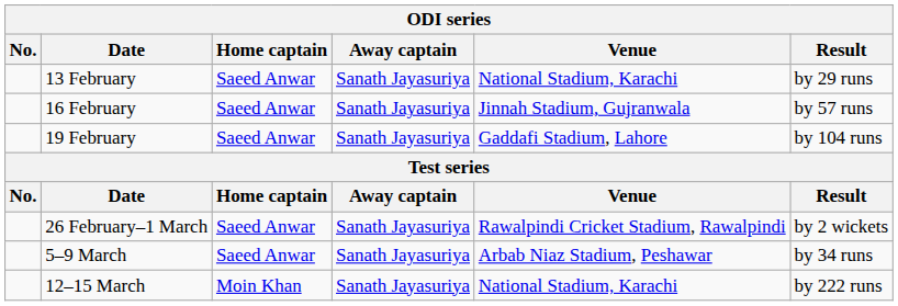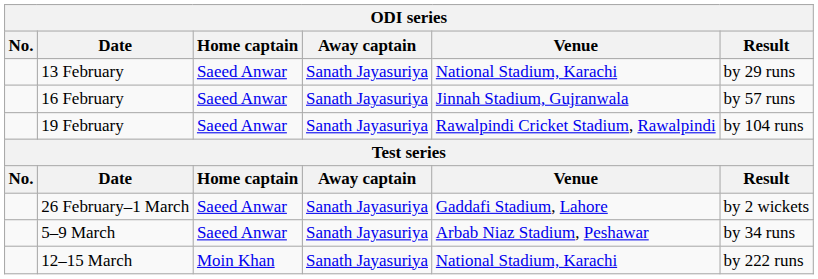 <table class="wikitable">
 <tr>
 <th colspan="9">ODI series</th>
 </tr>
 <tr>
 <th>No.</th>
 <th>Date</th>
 <th>Home captain</th>
 <th>Away captain</th>
 <th>Venue</th>
 <th>Result</th>
 </tr>
 <tr>
 <td></td>
 <td>13 February</td>
 <td><a href='#'>Saeed Anwar</a></td>
 <td><a href='#'>Sanath Jayasuriya</a></td>
 <td><a href='#'>National Stadium, Karachi</a></td>
 <td> by 29 runs</td>
 </tr>
 <tr>
 <td></td>
 <td>16 February</td>
 <td><a href='#'>Saeed Anwar</a></td>
 <td><a href='#'>Sanath Jayasuriya</a></td>
 <td><a href='#'>Jinnah Stadium, Gujranwala</a></td>
 <td> by 57 runs</td>
 </tr>
 <tr>
 <td></td>
 <td>19 February</td>
 <td><a href='#'>Saeed Anwar</a></td>
 <td><a href='#'>Sanath Jayasuriya</a></td>
-<td><a href='#'>Gaddafi Stadium</a>, <a href='#'>Lahore</a></td>
+<td><a href='#'>Rawalpindi Cricket Stadium</a>, <a href='#'>Rawalpindi</a></td>
 <td> by 104 runs</td>
 </tr>
 <tr>
 <th colspan="9">Test series</th>
 </tr>
 <tr>
 <th>No.</th>
 <th>Date</th>
 <th>Home captain</th>
 <th>Away captain</th>
 <th>Venue</th>
 <th>Result</th>
 </tr>
 <tr>
 <td></td>
 <td>26 February–1 March</td>
 <td><a href='#'>Saeed Anwar</a></td>
 <td><a href='#'>Sanath Jayasuriya</a></td>
-<td><a href='#'>Rawalpindi Cricket Stadium</a>, <a href='#'>Rawalpindi</a></td>
+<td><a href='#'>Gaddafi Stadium</a>, <a href='#'>Lahore</a></td>
 <td> by 2 wickets</td>
 </tr>
 <tr>
 <td></td>
 <td>5–9 March</td>
 <td><a href='#'>Saeed Anwar</a></td>
 <td><a href='#'>Sanath Jayasuriya</a></td>
 <td><a href='#'>Arbab Niaz Stadium</a>, <a href='#'>Peshawar</a></td>
 <td> by 34 runs</td>
 </tr>
 <tr>
 <td></td>
 <td>12–15 March</td>
 <td><a href='#'>Moin Khan</a></td>
 <td><a href='#'>Sanath Jayasuriya</a></td>
 <td><a href='#'>National Stadium, Karachi</a></td>
 <td> by 222 runs</td>
 </tr>
 </table>
